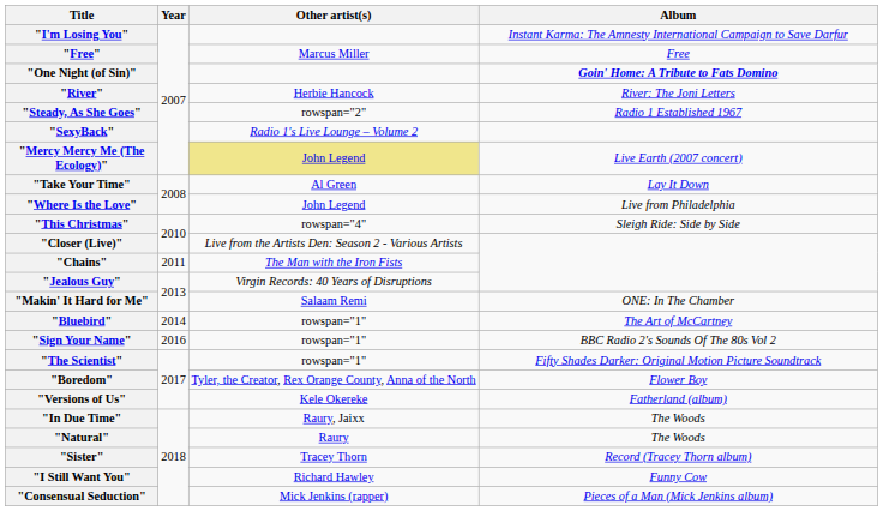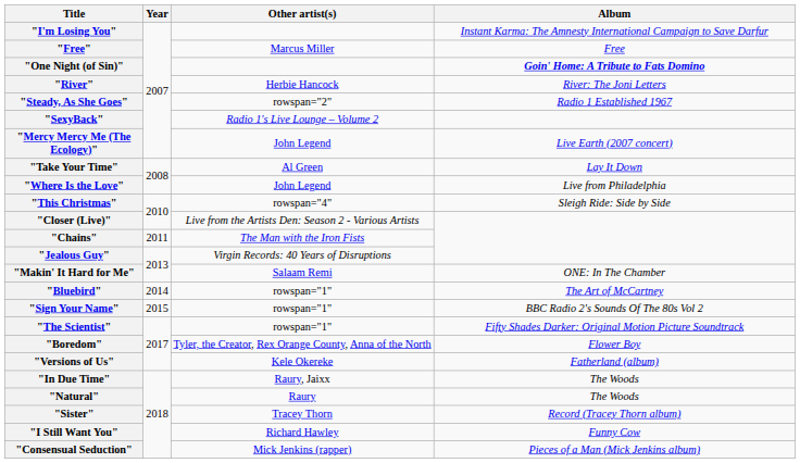 <table class="wikitable plainrowheaders" style="text-align:center;">
 <tr>
 <th scope="col" style="width:12em;">Title</th>
 <th scope="col">Year</th>
 <th scope="col">Other artist(s)</th>
 <th scope="col" style="width:32em;">Album</th>
 </tr>
 <tr>
 <th scope="row">"<a href='#'>I'm Losing You</a>"</th>
 <td rowspan="7">2007</td>
 <td></td>
 <td><em><a href='#'>Instant Karma: The Amnesty International Campaign to Save Darfur</a></em></td>
 </tr>
 <tr>
 <th scope="row">"<a href='#'>Free</a>"</th>
 <td><a href='#'>Marcus Miller</a></td>
 <td><em><a href='#'>Free</a></em></td>
 </tr>
 <tr>
 <th scope="row">"One Night (of Sin)"</th>
 <td></td>
 <td><strong><em><a href='#'>Goin' Home: A Tribute to Fats Domino</a></em></strong></td>
 </tr>
 <tr>
 <th scope="row">"<a href='#'>River</a>"</th>
 <td><a href='#'>Herbie Hancock</a></td>
 <td><em><a href='#'>River: The Joni Letters</a></em></td>
 </tr>
 <tr>
 <th scope="row">"<a href='#'>Steady, As She Goes</a>"</th>
 <td>rowspan="2" </td>
 <td><em><a href='#'>Radio 1 Established 1967</a></em></td>
 </tr>
 <tr>
 <th scope="row">"<a href='#'>SexyBack</a>"</th>
 <td><em><a href='#'>Radio 1's Live Lounge – Volume 2</a></em></td>
 </tr>
 <tr>
 <th scope="row">"<a href='#'>Mercy Mercy Me (The Ecology)</a>"</th>
-<td style="background: khaki;"><a href='#'>John Legend</a></td>
+<td><a href='#'>John Legend</a></td>
 <td><em><a href='#'>Live Earth (2007 concert)</a></em></td>
 </tr>
 <tr>
 <th scope="row">"Take Your Time"</th>
 <td rowspan="2">2008</td>
 <td><a href='#'>Al Green</a></td>
 <td><em><a href='#'>Lay It Down</a></em></td>
 </tr>
 <tr>
 <th scope="row">"<a href='#'>Where Is the Love</a>"</th>
 <td><a href='#'>John Legend</a></td>
 <td><em>Live from Philadelphia</em></td>
 </tr>
 <tr>
 <th scope="row">"<a href='#'>This Christmas</a>"</th>
 <td rowspan="2">2010</td>
 <td>rowspan="4" </td>
 <td><em>Sleigh Ride: Side by Side</em></td>
 </tr>
 <tr>
 <th scope="row">"Closer (Live)"</th>
 <td><em>Live from the Artists Den: Season 2 - Various Artists</em></td>
 </tr>
 <tr>
 <th scope="row">"Chains"</th>
 <td>2011</td>
 <td><em><a href='#'>The Man with the Iron Fists</a></em></td>
 </tr>
 <tr>
 <th scope="row">"<a href='#'>Jealous Guy</a>"</th>
 <td rowspan="2">2013</td>
 <td><em>Virgin Records: 40 Years of Disruptions</em></td>
 </tr>
 <tr>
 <th scope="row">"Makin' It Hard for Me"</th>
 <td><a href='#'>Salaam Remi</a></td>
 <td><em>ONE: In The Chamber</em></td>
 </tr>
 <tr>
 <th scope="row">"<a href='#'>Bluebird</a>"</th>
 <td>2014</td>
 <td>rowspan="1" </td>
 <td><em><a href='#'>The Art of McCartney</a></em></td>
 </tr>
 <tr>
 <th scope="row">"<a href='#'>Sign Your Name</a>"</th>
-<td>2016</td>
+<td>2015</td>
 <td>rowspan="1" </td>
 <td><em>BBC Radio 2's Sounds Of The 80s Vol 2</em></td>
 </tr>
 <tr>
 <th scope="row">"<a href='#'>The Scientist</a>"</th>
 <td rowspan="3">2017</td>
 <td>rowspan="1" </td>
 <td><em><a href='#'>Fifty Shades Darker: Original Motion Picture Soundtrack</a></em></td>
 </tr>
 <tr>
 <th scope="row">"Boredom"</th>
 <td><a href='#'>Tyler, the Creator</a>, <a href='#'>Rex Orange County</a>, <a href='#'>Anna of the North</a></td>
 <td><em><a href='#'>Flower Boy</a></em></td>
 </tr>
 <tr>
 <th scope="row">"Versions of Us"</th>
 <td><a href='#'>Kele Okereke</a></td>
 <td><em><a href='#'>Fatherland (album)</a></em></td>
 </tr>
 <tr>
 <th scope="row">"In Due Time"</th>
 <td rowspan="5">2018</td>
 <td><a href='#'>Raury</a>, Jaixx</td>
 <td><em>The Woods</em></td>
 </tr>
 <tr>
 <th scope="row">"Natural"</th>
 <td><a href='#'>Raury</a></td>
 <td><em>The Woods</em></td>
 </tr>
 <tr>
 <th scope="row">"Sister"</th>
 <td><a href='#'>Tracey Thorn</a></td>
 <td><em><a href='#'>Record (Tracey Thorn album)</a></em></td>
 </tr>
 <tr>
 <th scope="row">"I Still Want You"</th>
 <td><a href='#'>Richard Hawley</a></td>
 <td><em><a href='#'>Funny Cow</a></em></td>
 </tr>
 <tr>
 <th scope="row">"Consensual Seduction"</th>
 <td><a href='#'>Mick Jenkins (rapper)</a></td>
 <td><em><a href='#'>Pieces of a Man (Mick Jenkins album)</a></em></td>
 </tr>
 </table>
